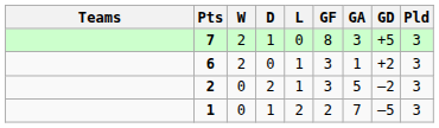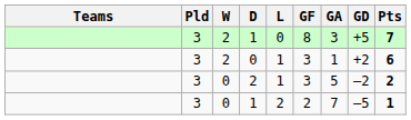 <table class="wikitable" style="text-align: center;">
 <tr>
 <th width=165>Teams</th>
-<th width=20>Pts</th>
+<th width=20>Pld</th>
 <th width=20>W</th>
 <th width=20>D</th>
 <th width=20>L</th>
 <th width=20>GF</th>
 <th width=20>GA</th>
 <th width=20>GD</th>
-<th width=20>Pld</th>
+<th width=20>Pts</th>
 </tr>
 <tr align=center style="background:#ccffcc;">
 <td style="text-align:left;"></td>
-<td><strong>7</strong></td>
+<td>3</td>
 <td>2</td>
 <td>1</td>
 <td>0</td>
 <td>8</td>
 <td>3</td>
 <td>+5</td>
-<td>3</td>
+<td><strong>7</strong></td>
 </tr>
 <tr align=center>
 <td style="text-align:left;"></td>
-<td><strong>6</strong></td>
+<td>3</td>
 <td>2</td>
 <td>0</td>
 <td>1</td>
 <td>3</td>
 <td>1</td>
 <td>+2</td>
-<td>3</td>
+<td><strong>6</strong></td>
 </tr>
 <tr align=center>
 <td style="text-align:left;"></td>
-<td><strong>2</strong></td>
+<td>3</td>
 <td>0</td>
 <td>2</td>
 <td>1</td>
 <td>3</td>
 <td>5</td>
 <td>–2</td>
-<td>3</td>
+<td><strong>2</strong></td>
 </tr>
 <tr align=center>
 <td style="text-align:left;"></td>
-<td><strong>1</strong></td>
+<td>3</td>
 <td>0</td>
 <td>1</td>
 <td>2</td>
 <td>2</td>
 <td>7</td>
 <td>–5</td>
-<td>3</td>
+<td><strong>1</strong></td>
 </tr>
 </table>
